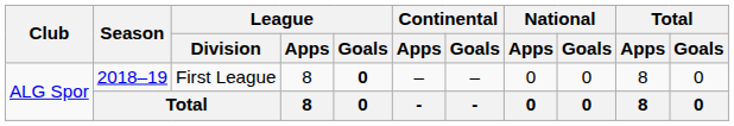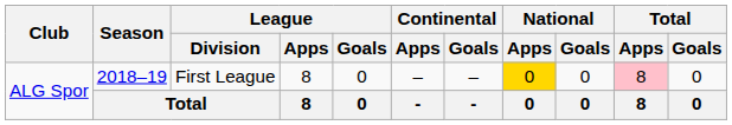 <table class="wikitable" style="text-align: center;">
 <tr>
 <th rowspan=2>Club</th>
 <th rowspan=2>Season</th>
 <th colspan=3>League</th>
 <th colspan=2>Continental</th>
 <th colspan=2>National</th>
 <th colspan=2>Total</th>
 </tr>
 <tr>
 <th>Division</th>
 <th>Apps</th>
 <th>Goals</th>
 <th>Apps</th>
 <th>Goals</th>
 <th>Apps</th>
 <th>Goals</th>
 <th>Apps</th>
 <th>Goals</th>
 </tr>
 <tr>
 <td rowspan=2><a href='#'>ALG Spor</a></td>
 <td><a href='#'>2018–19</a></td>
 <td>First League</td>
 <td>8</td>
-<td><strong>0</strong></td>
+<td>0</td>
 <td>–</td>
 <td>–</td>
+<td style="background: gold;">0</td>
 <td>0</td>
-<td>0</td>
-<td>8</td>
+<td style="background: pink;">8</td>
 <td>0</td>
 </tr>
 <tr>
 <th colspan=2>Total</th>
 <th>8</th>
 <th>0</th>
 <th>-</th>
 <th>-</th>
 <th>0</th>
 <th>0</th>
 <th>8</th>
 <th>0</th>
 </tr>
 </table>
